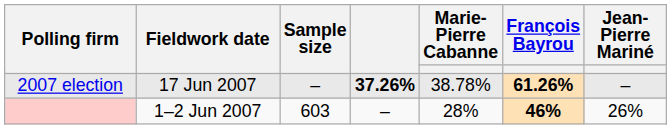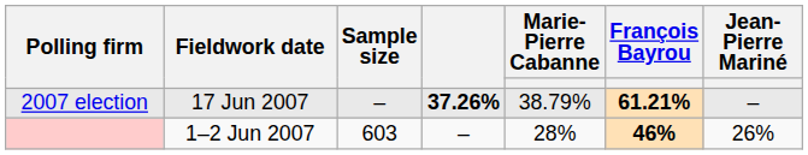 <table class="wikitable sortable" style="text-align:center;font-size:90%;line-height:14px;">
 <tr style="height:40px;">
 <th style="width:100px;" rowspan="2">Polling firm</th>
 <th style="width:110px;" rowspan="2">Fieldwork date</th>
 <th style="width:35px;" rowspan="2">Sample<br>size</th>
 <th style="width:30px;" rowspan="2"></th>
 <th class="unsortable" style="width:60px;">Marie-Pierre Cabanne<br></th>
 <th class="unsortable" style="width:60px;"><a href='#'>François Bayrou</a><br></th>
 <th class="unsortable" style="width:60px;">Jean-Pierre Mariné<br></th>
 </tr>
 <tr>
 <th style="background:"></th>
 <th style="background:"></th>
 <th style="background:"></th>
 </tr>
 <tr style="background:#E9E9E9;">
 <td><a href='#'>2007 election</a></td>
 <td data-sort-value="2007-06-17">17 Jun 2007</td>
 <td>–</td>
 <td><strong>37.26%</strong></td>
-<td>38.78%</td>
-<td style="background:#FFE1B6;"><strong>61.26%</strong></td>
+<td>38.79%</td>
+<td style="background:#FFE1B6;"><strong>61.21%</strong></td>
 <td>–</td>
 </tr>
 <tr>
 <td style="background:#FFCCCC;"></td>
 <td data-sort-value="2007-06-02">1–2 Jun 2007</td>
 <td>603</td>
 <td>–</td>
 <td>28%</td>
 <td style="background:#FFE1B6;"><strong>46%</strong></td>
 <td>26%</td>
 </tr>
 </table>
